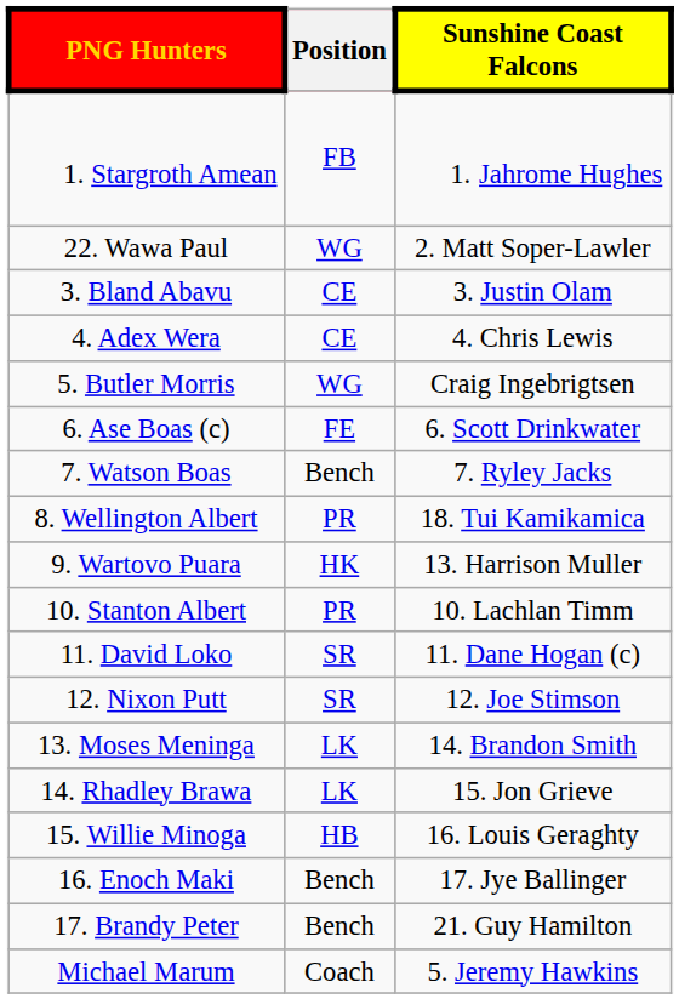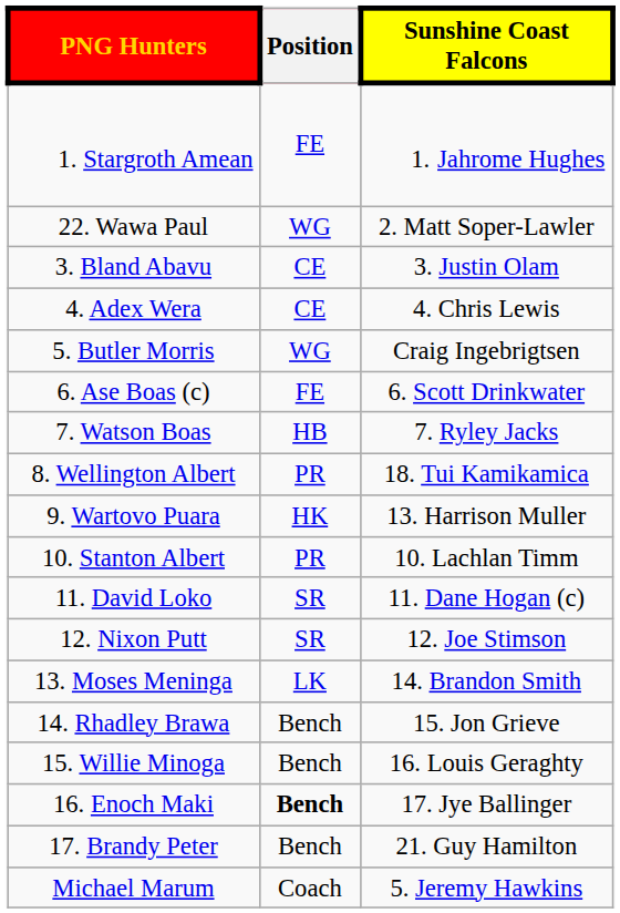 <table class="wikitable" style="float:right; font-size:90%; text-align:center; margin-left:1em;">
 <tr style="background:#f03;">
 <th align="centre" width="136" style="border: 3px solid black; background: red; color: gold">PNG Hunters</th>
 <th style="width:40px;">Position</th>
 <th align="centre" width="136" style="border: 3px solid black; background: yellow; color: black">Sunshine Coast Falcons</th>
 </tr>
 <tr>
 <td><br><ol><li><a href='#'>Stargroth Amean</a></li></ol></td>
-<td><a href='#'>FB</a></td>
+<td><a href='#'>FE</a></td>
 <td><br><ol><li><a href='#'>Jahrome Hughes</a></li></ol></td>
 </tr>
 <tr>
 <td>22. Wawa Paul</td>
 <td><a href='#'>WG</a></td>
 <td>2. Matt Soper-Lawler</td>
 </tr>
 <tr>
 <td>3. <a href='#'>Bland Abavu</a></td>
 <td><a href='#'>CE</a></td>
 <td>3. <a href='#'>Justin Olam</a></td>
 </tr>
 <tr>
 <td>4. <a href='#'>Adex Wera</a></td>
 <td><a href='#'>CE</a></td>
 <td>4. Chris Lewis</td>
 </tr>
 <tr>
 <td>5. <a href='#'>Butler Morris</a></td>
 <td><a href='#'>WG</a></td>
 <td>Craig Ingebrigtsen</td>
 </tr>
 <tr>
 <td>6. <a href='#'>Ase Boas</a> (c)</td>
 <td><a href='#'>FE</a></td>
 <td>6. <a href='#'>Scott Drinkwater</a></td>
 </tr>
 <tr>
 <td>7. <a href='#'>Watson Boas</a></td>
-<td>Bench</td>
+<td><a href='#'>HB</a></td>
 <td>7. <a href='#'>Ryley Jacks</a></td>
 </tr>
 <tr>
 <td>8. <a href='#'>Wellington Albert</a></td>
 <td><a href='#'>PR</a></td>
 <td>18. <a href='#'>Tui Kamikamica</a></td>
 </tr>
 <tr>
 <td>9. <a href='#'>Wartovo Puara</a></td>
 <td><a href='#'>HK</a></td>
 <td>13. Harrison Muller</td>
 </tr>
 <tr>
 <td>10. <a href='#'>Stanton Albert</a></td>
 <td><a href='#'>PR</a></td>
 <td>10. Lachlan Timm</td>
 </tr>
 <tr>
 <td>11. <a href='#'>David Loko</a></td>
 <td><a href='#'>SR</a></td>
 <td>11. <a href='#'>Dane Hogan</a> (c)</td>
 </tr>
 <tr>
 <td>12. <a href='#'>Nixon Putt</a></td>
 <td><a href='#'>SR</a></td>
 <td>12. <a href='#'>Joe Stimson</a></td>
 </tr>
 <tr>
 <td>13. <a href='#'>Moses Meninga</a></td>
 <td><a href='#'>LK</a></td>
 <td>14. <a href='#'>Brandon Smith</a></td>
 </tr>
 <tr>
 <td>14. <a href='#'>Rhadley Brawa</a></td>
-<td><a href='#'>LK</a></td>
+<td>Bench</td>
 <td>15. Jon Grieve</td>
 </tr>
 <tr>
 <td>15. <a href='#'>Willie Minoga</a></td>
-<td><a href='#'>HB</a></td>
+<td>Bench</td>
 <td>16. Louis Geraghty</td>
 </tr>
 <tr>
 <td>16. <a href='#'>Enoch Maki</a></td>
-<td>Bench</td>
+<td><strong>Bench</strong></td>
 <td>17. Jye Ballinger</td>
 </tr>
 <tr>
 <td>17. <a href='#'>Brandy Peter</a></td>
 <td>Bench</td>
 <td>21. Guy Hamilton</td>
 </tr>
 <tr>
 <td><a href='#'>Michael Marum</a></td>
 <td>Coach</td>
 <td>5. <a href='#'>Jeremy Hawkins</a></td>
 </tr>
 </table>
